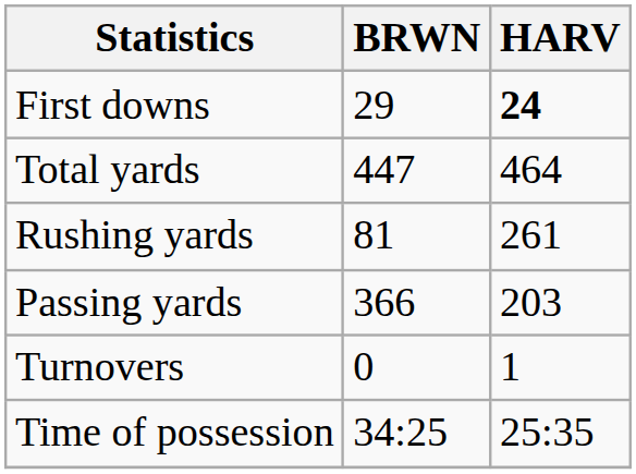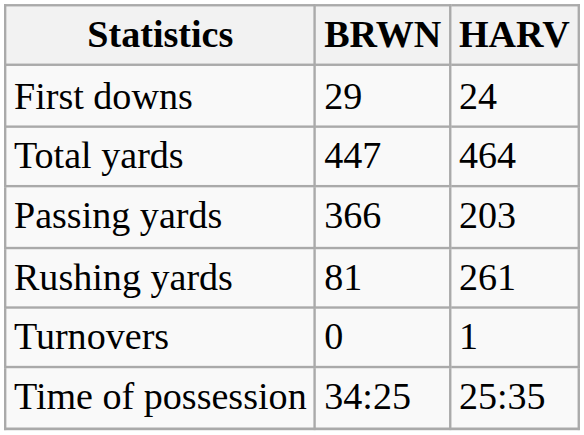 <table class="wikitable" style="float: left;">
 <tr>
 <th>Statistics</th>
 <th>BRWN</th>
 <th>HARV</th>
 </tr>
 <tr>
 <td>First downs</td>
 <td>29</td>
-<td><strong>24</strong></td>
+<td>24</td>
 </tr>
 <tr>
 <td>Total yards</td>
 <td>447</td>
 <td>464</td>
 </tr>
 <tr>
+<td>Passing yards</td>
+<td>366</td>
+<td>203</td>
+</tr>
+<tr>
 <td>Rushing yards</td>
 <td>81</td>
 <td>261</td>
-</tr>
-<tr>
-<td>Passing yards</td>
-<td>366</td>
-<td>203</td>
 </tr>
 <tr>
 <td>Turnovers</td>
 <td>0</td>
 <td>1</td>
 </tr>
 <tr>
 <td>Time of possession</td>
 <td>34:25</td>
 <td>25:35</td>
 </tr>
 <tr>
 </tr>
 </table>
